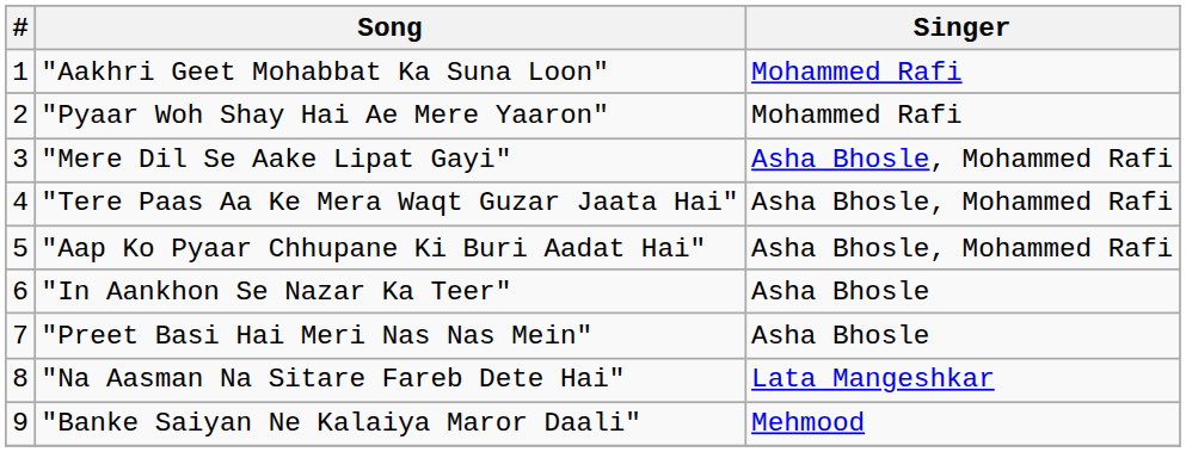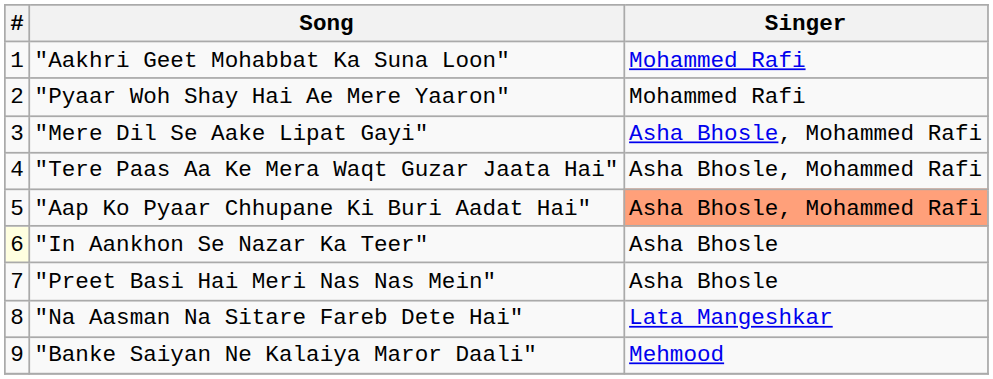 <table class="wikitable">
 <tr>
 <th>#</th>
 <th>Song</th>
 <th>Singer</th>
 </tr>
 <tr>
 <td>1</td>
 <td>"Aakhri Geet Mohabbat Ka Suna Loon"</td>
 <td><a href='#'>Mohammed Rafi</a></td>
 </tr>
 <tr>
 <td>2</td>
 <td>"Pyaar Woh Shay Hai Ae Mere Yaaron"</td>
 <td>Mohammed Rafi</td>
 </tr>
 <tr>
 <td>3</td>
 <td>"Mere Dil Se Aake Lipat Gayi"</td>
 <td><a href='#'>Asha Bhosle</a>, Mohammed Rafi</td>
 </tr>
 <tr>
 <td>4</td>
 <td>"Tere Paas Aa Ke Mera Waqt Guzar Jaata Hai"</td>
 <td>Asha Bhosle, Mohammed Rafi</td>
 </tr>
 <tr>
 <td>5</td>
 <td>"Aap Ko Pyaar Chhupane Ki Buri Aadat Hai"</td>
-<td>Asha Bhosle, Mohammed Rafi</td>
+<td style="background: lightsalmon;">Asha Bhosle, Mohammed Rafi</td>
 </tr>
 <tr>
-<td>6</td>
+<td style="background: lightyellow;">6</td>
 <td>"In Aankhon Se Nazar Ka Teer"</td>
 <td>Asha Bhosle</td>
 </tr>
 <tr>
 <td>7</td>
 <td>"Preet Basi Hai Meri Nas Nas Mein"</td>
 <td>Asha Bhosle</td>
 </tr>
 <tr>
 <td>8</td>
 <td>"Na Aasman Na Sitare Fareb Dete Hai"</td>
 <td><a href='#'>Lata Mangeshkar</a></td>
 </tr>
 <tr>
 <td>9</td>
 <td>"Banke Saiyan Ne Kalaiya Maror Daali"</td>
 <td><a href='#'>Mehmood</a></td>
 </tr>
 <tr>
 </tr>
 </table>
